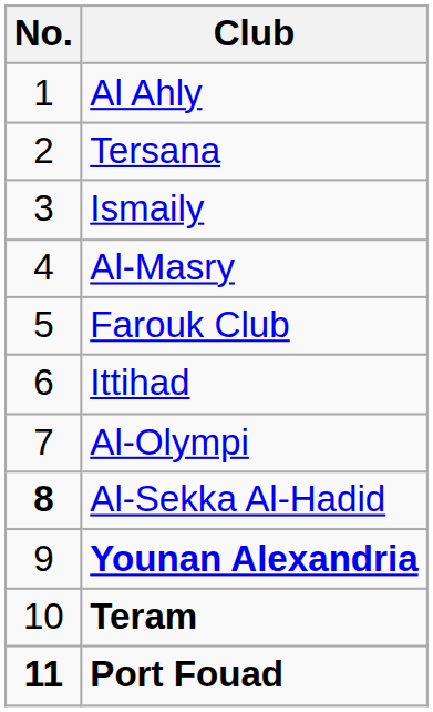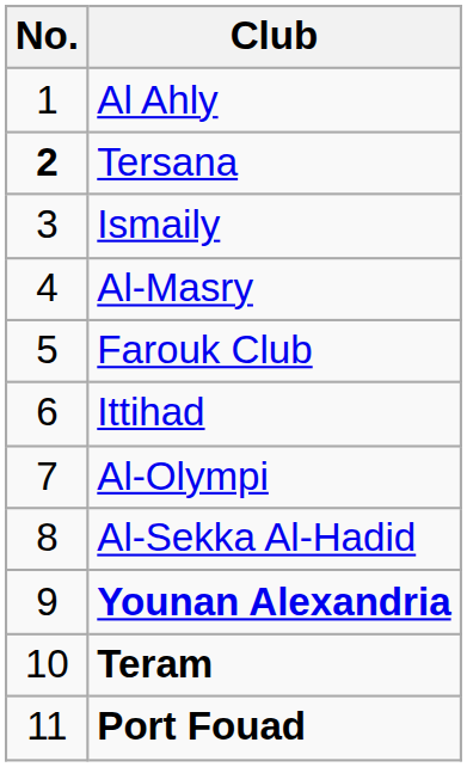 <table class="wikitable sortable">
 <tr>
 <th>No.</th>
 <th>Club</th>
 </tr>
 <tr>
 <td align="center">1</td>
 <td><a href='#'>Al Ahly</a></td>
 </tr>
 <tr>
-<td align="center">2</td>
+<td align="center"><strong>2</strong></td>
 <td><a href='#'>Tersana</a></td>
 </tr>
 <tr>
 <td align="center">3</td>
 <td><a href='#'>Ismaily</a></td>
 </tr>
 <tr>
 <td align="center">4</td>
 <td><a href='#'>Al-Masry</a></td>
 </tr>
 <tr>
 <td align="center">5</td>
 <td><a href='#'>Farouk Club</a></td>
 </tr>
 <tr>
 <td align="center">6</td>
 <td><a href='#'>Ittihad</a></td>
 </tr>
 <tr>
 <td align="center">7</td>
 <td><a href='#'>Al-Olympi</a></td>
 </tr>
 <tr>
-<td align="center"><strong>8</strong></td>
+<td align="center">8</td>
 <td><a href='#'>Al-Sekka Al-Hadid</a></td>
 </tr>
 <tr>
 <td align="center">9</td>
 <td><strong><a href='#'>Younan Alexandria</a></strong></td>
 </tr>
 <tr>
 <td align="center">10</td>
 <td><strong>Teram</strong></td>
 </tr>
 <tr>
-<td align="center"><strong>11</strong></td>
+<td align="center">11</td>
 <td><strong>Port Fouad</strong></td>
 </tr>
 </table>
